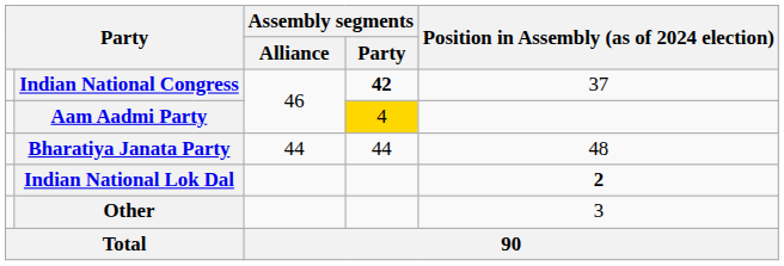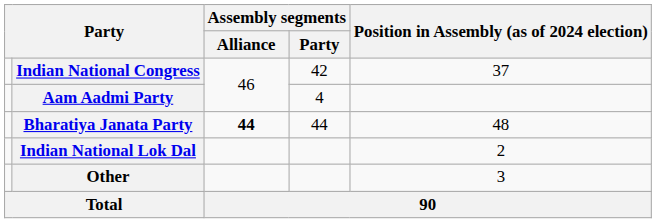 <table class="wikitable" style="text-align:center">
 <tr>
 <th colspan="2" rowspan="2">Party</th>
 <th colspan="2">Assembly segments</th>
 <th rowspan="2">Position in Assembly (as of 2024 election)</th>
 </tr>
 <tr>
 <th>Alliance</th>
 <th>Party</th>
 </tr>
 <tr>
 <td></td>
 <th><a href='#'>Indian National Congress</a></th>
 <td rowspan="2">46</td>
-<td><strong>42</strong></td>
+<td>42</td>
 <td>37</td>
 </tr>
 <tr>
 <td></td>
 <th><a href='#'>Aam Aadmi Party</a></th>
-<td style="background: gold;">4</td>
+<td>4</td>
 <td></td>
 </tr>
 <tr>
 <td></td>
 <th><a href='#'>Bharatiya Janata Party</a></th>
-<td>44</td>
+<td><strong>44</strong></td>
 <td>44</td>
 <td>48</td>
 </tr>
 <tr>
 <td></td>
 <th><a href='#'>Indian National Lok Dal</a></th>
 <td></td>
 <td></td>
-<td><strong>2</strong></td>
+<td>2</td>
 </tr>
 <tr>
 <td></td>
 <th>Other</th>
 <td></td>
 <td></td>
 <td>3</td>
 </tr>
 <tr>
 <th colspan="2">Total</th>
 <th colspan="4">90</th>
 </tr>
 </table>
